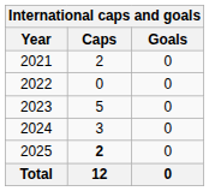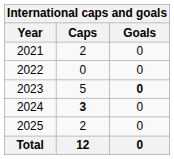 <table class="wikitable sortable" style="text-align:center">
 <tr>
 <th colspan="3">International caps and goals</th>
 </tr>
 <tr>
 <th>Year</th>
 <th>Caps</th>
 <th>Goals</th>
 </tr>
 <tr>
 <td>2021</td>
 <td>2</td>
 <td>0</td>
 </tr>
 <tr>
 <td>2022</td>
 <td>0</td>
 <td>0</td>
 </tr>
 <tr>
 <td>2023</td>
 <td>5</td>
-<td>0</td>
+<td><strong>0</strong></td>
 </tr>
 <tr>
 <td>2024</td>
-<td>3</td>
+<td><strong>3</strong></td>
 <td>0</td>
 </tr>
 <tr>
 <td>2025</td>
-<td><strong>2</strong></td>
+<td>2</td>
 <td>0</td>
 </tr>
 <tr>
 <th>Total</th>
 <th>12</th>
 <th>0</th>
 </tr>
 </table>
